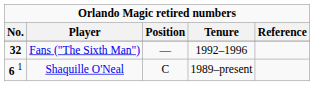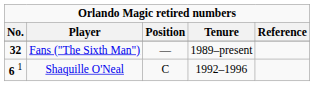 <table class="wikitable sortable" style="text-align:center">
 <tr>
 <td colspan="5"><strong>Orlando Magic retired numbers</strong></td>
 </tr>
 <tr>
 <th>No.</th>
 <th>Player</th>
 <th>Position</th>
 <th>Tenure</th>
 <th>Reference</th>
 </tr>
 <tr>
 </tr>
 <tr>
 <td><strong>32</strong></td>
 <td><a href='#'>Fans ("The Sixth Man")</a></td>
 <td>—</td>
-<td>1992–1996</td>
+<td>1989–present</td>
 <td></td>
 </tr>
 <tr>
 <td><strong>6</strong> <sup>1</sup></td>
 <td><a href='#'>Shaquille O'Neal</a></td>
 <td>C</td>
-<td>1989–present</td>
+<td>1992–1996</td>
 <td></td>
 </tr>
 </table>
